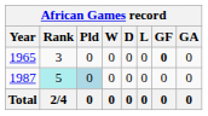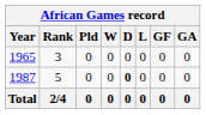 <table class="wikitable" style="text-align: center">
 <tr>
 <th colspan=9><a href='#'>African Games</a> record</th>
 </tr>
 <tr>
 <th>Year</th>
 <th>Rank</th>
 <th>Pld</th>
 <th>W</th>
 <th>D</th>
 <th>L</th>
 <th>GF</th>
 <th>GA</th>
 </tr>
 <tr>
 <td> <a href='#'>1965</a></td>
 <td>3</td>
 <td>0</td>
 <td>0</td>
 <td>0</td>
 <td>0</td>
-<td><strong>0</strong></td>
+<td>0</td>
 <td>0</td>
 </tr>
 <tr>
 <td> <a href='#'>1987</a></td>
-<td style="background: paleturquoise;">5</td>
-<td style="background: lightblue;">0</td>
+<td>5</td>
 <td>0</td>
 <td>0</td>
+<td><strong>0</strong></td>
 <td>0</td>
 <td>0</td>
 <td>0</td>
 </tr>
 <tr>
 <th>Total</th>
 <th>2/4</th>
 <th>0</th>
 <th>0</th>
 <th>0</th>
 <th>0</th>
 <th>0</th>
 <th>0</th>
 </tr>
 </table>
